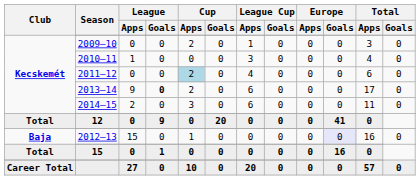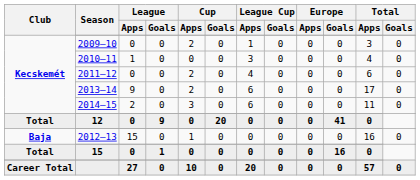 <table class="wikitable" style="font-size:90%; text-align: center;">
 <tr>
 <th rowspan="2">Club</th>
 <th rowspan="2">Season</th>
 <th colspan="2">League</th>
 <th colspan="2">Cup</th>
 <th colspan="2">League Cup</th>
 <th colspan="2">Europe</th>
 <th colspan="2">Total</th>
 </tr>
 <tr>
 <th>Apps</th>
 <th>Goals</th>
 <th>Apps</th>
 <th>Goals</th>
 <th>Apps</th>
 <th>Goals</th>
 <th>Apps</th>
 <th>Goals</th>
 <th>Apps</th>
 <th>Goals</th>
 </tr>
 <tr ||-||-||-|->
 <td rowspan="7" valign="center"><strong><a href='#'>Kecskemét</a></strong></td>
 </tr>
 <tr>
 <td><a href='#'>2009–10</a></td>
 <td>0</td>
 <td>0</td>
 <td>2</td>
 <td>0</td>
 <td>1</td>
 <td>0</td>
 <td>0</td>
 <td>0</td>
 <td>3</td>
 <td>0</td>
 </tr>
 <tr>
 <td><a href='#'>2010–11</a></td>
 <td>1</td>
 <td>0</td>
 <td>0</td>
 <td>0</td>
 <td>3</td>
 <td>0</td>
 <td>0</td>
 <td>0</td>
 <td>4</td>
 <td>0</td>
 </tr>
 <tr>
 <td><a href='#'>2011–12</a></td>
 <td>0</td>
 <td>0</td>
-<td style="background: lightblue;">2</td>
+<td>2</td>
 <td>0</td>
 <td>4</td>
 <td>0</td>
 <td>0</td>
 <td>0</td>
 <td>6</td>
 <td>0</td>
 </tr>
 <tr>
 <td><a href='#'>2013–14</a></td>
 <td>9</td>
-<td><strong>0</strong></td>
+<td>0</td>
 <td>2</td>
 <td>0</td>
 <td>6</td>
 <td>0</td>
 <td>0</td>
 <td>0</td>
 <td>17</td>
 <td>0</td>
 </tr>
 <tr>
 <td><a href='#'>2014–15</a></td>
 <td>2</td>
 <td>0</td>
 <td>3</td>
 <td>0</td>
 <td>6</td>
 <td>0</td>
 <td>0</td>
 <td>0</td>
 <td>11</td>
 <td>0</td>
 </tr>
 <tr>
 </tr>
 <tr style="font-weight:bold; background-color:#eeeeee;">
 <td>Total</td>
 <td>12</td>
 <td>0</td>
 <td>9</td>
 <td>0</td>
 <td>20</td>
 <td>0</td>
 <td>0</td>
 <td>0</td>
 <td>41</td>
 <td>0</td>
 </tr>
 <tr>
 <td rowspan="3" valign="center"><strong><a href='#'>Baja</a></strong></td>
 </tr>
 <tr>
 <td><a href='#'>2012–13</a></td>
 <td>15</td>
 <td>0</td>
 <td>1</td>
 <td>0</td>
 <td>0</td>
 <td>0</td>
 <td>0</td>
-<td style="background: lavender;">0</td>
+<td>0</td>
 <td>16</td>
 <td>0</td>
 </tr>
 <tr>
 </tr>
 <tr style="font-weight:bold; background-color:#eeeeee;">
 <td>Total</td>
 <td>15</td>
 <td>0</td>
 <td>1</td>
 <td>0</td>
 <td>0</td>
 <td>0</td>
 <td>0</td>
 <td>0</td>
 <td>16</td>
 <td>0</td>
 </tr>
 <tr>
 </tr>
 <tr style="font-weight:bold; background-color:#eeeeee;">
 <td rowspan="2" valign="top"><strong>Career Total</strong></td>
 <td></td>
 <td><strong>27</strong></td>
 <td><strong>0</strong></td>
 <td><strong>10</strong></td>
 <td><strong>0</strong></td>
 <td><strong>20</strong></td>
 <td><strong>0</strong></td>
 <td><strong>0</strong></td>
 <td><strong>0</strong></td>
 <td><strong>57</strong></td>
 <td><strong>0</strong></td>
 </tr>
 </table>
